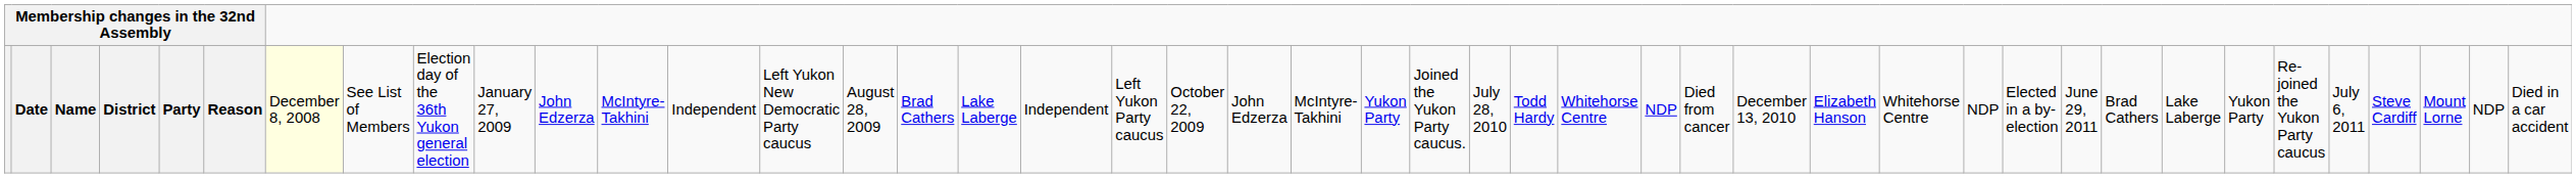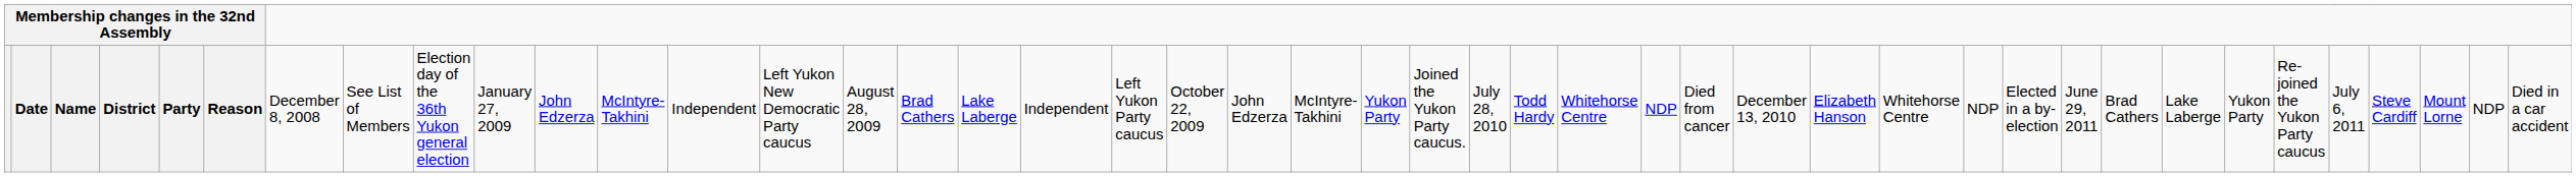 <table class="wikitable">
 <tr>
 <th colspan=6>Membership changes in the 32nd Assembly</th>
 </tr>
 <tr>
 <th></th>
 <th>Date</th>
 <th>Name</th>
 <th>District</th>
 <th>Party</th>
 <th>Reason<br></th>
-<td style="background: lightyellow;">December 8, 2008</td>
+<td>December 8, 2008</td>
 <td colspan=3>See List of Members</td>
 <td>Election day of the <a href='#'>36th Yukon general election</a><br></td>
 <td>January 27, 2009</td>
 <td><a href='#'>John Edzerza</a></td>
 <td><a href='#'>McIntyre-Takhini</a></td>
 <td>Independent</td>
 <td>Left Yukon New Democratic Party caucus<br></td>
 <td>August 28, 2009</td>
 <td><a href='#'>Brad Cathers</a></td>
 <td><a href='#'>Lake Laberge</a></td>
 <td>Independent</td>
 <td>Left Yukon Party caucus<br></td>
 <td>October 22, 2009</td>
 <td>John Edzerza</td>
 <td>McIntyre-Takhini</td>
 <td><a href='#'>Yukon Party</a></td>
 <td>Joined the Yukon Party caucus.<br></td>
 <td>July 28, 2010</td>
 <td><a href='#'>Todd Hardy</a></td>
 <td><a href='#'>Whitehorse Centre</a></td>
 <td><a href='#'>NDP</a></td>
 <td>Died from cancer<br></td>
 <td>December 13, 2010</td>
 <td><a href='#'>Elizabeth Hanson</a></td>
 <td>Whitehorse Centre</td>
 <td>NDP</td>
 <td>Elected in a by-election<br></td>
 <td>June 29, 2011</td>
 <td>Brad Cathers</td>
 <td>Lake Laberge</td>
 <td>Yukon Party</td>
 <td>Re-joined the Yukon Party caucus<br></td>
 <td>July 6, 2011</td>
 <td><a href='#'>Steve Cardiff</a></td>
 <td><a href='#'>Mount Lorne</a></td>
 <td>NDP</td>
 <td>Died in a car accident</td>
 </tr>
 </table>
